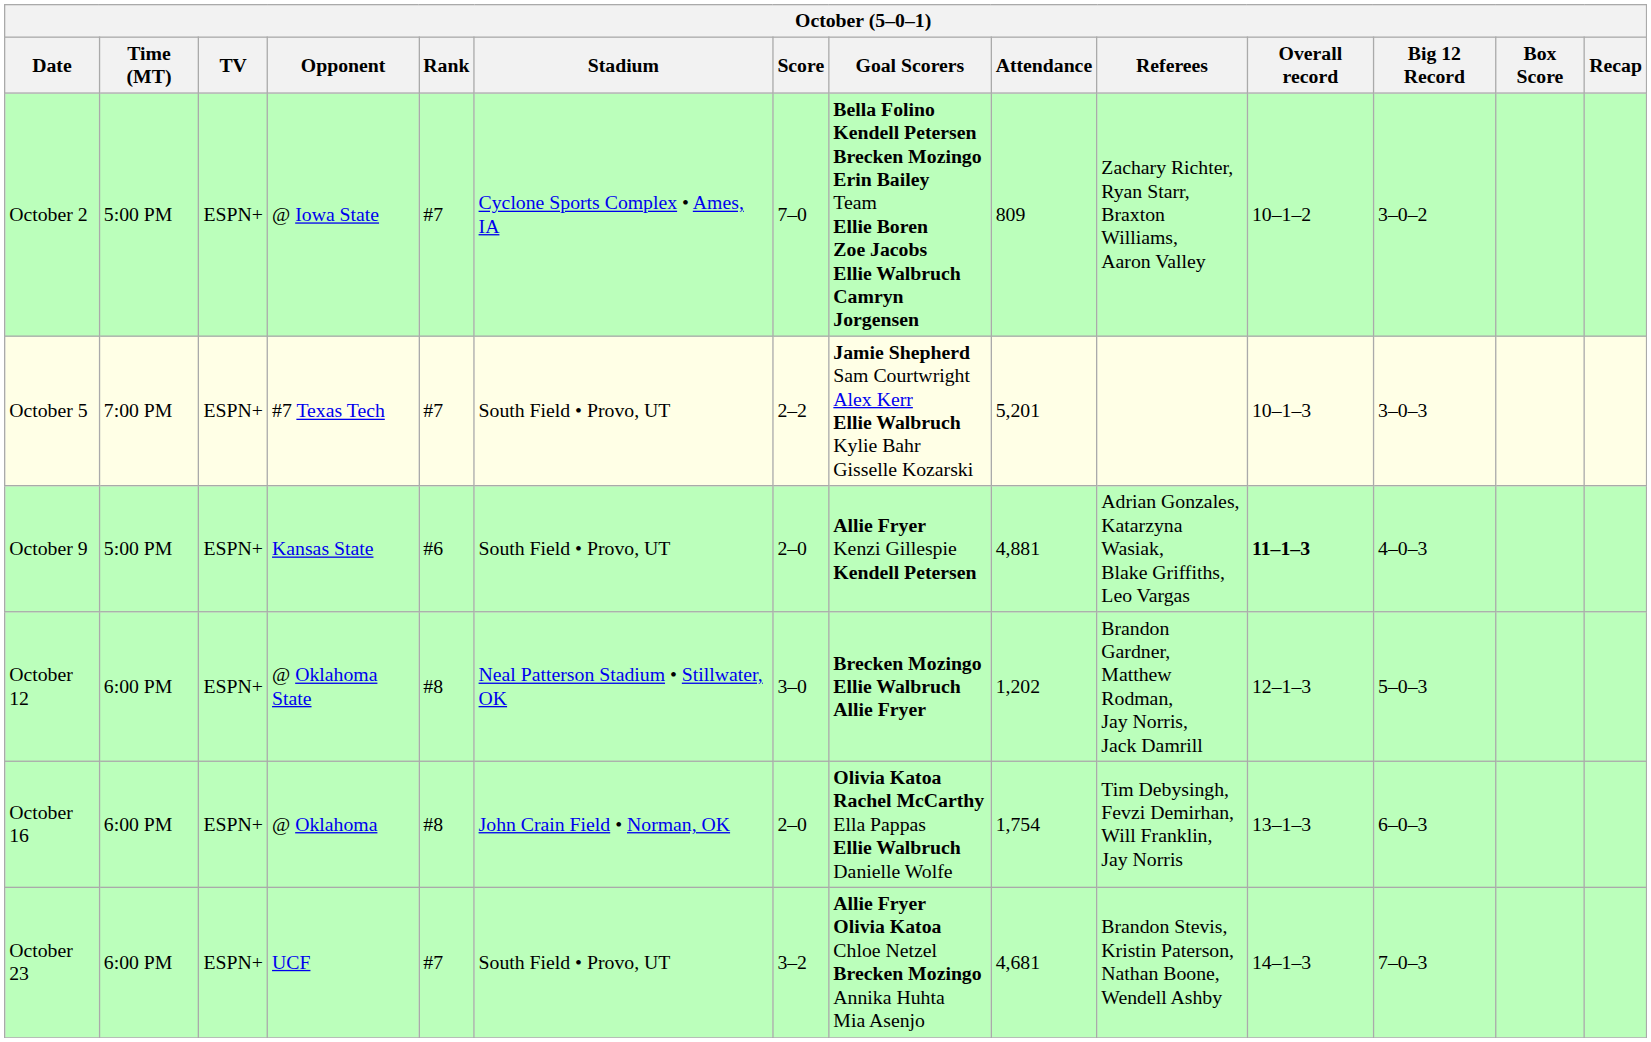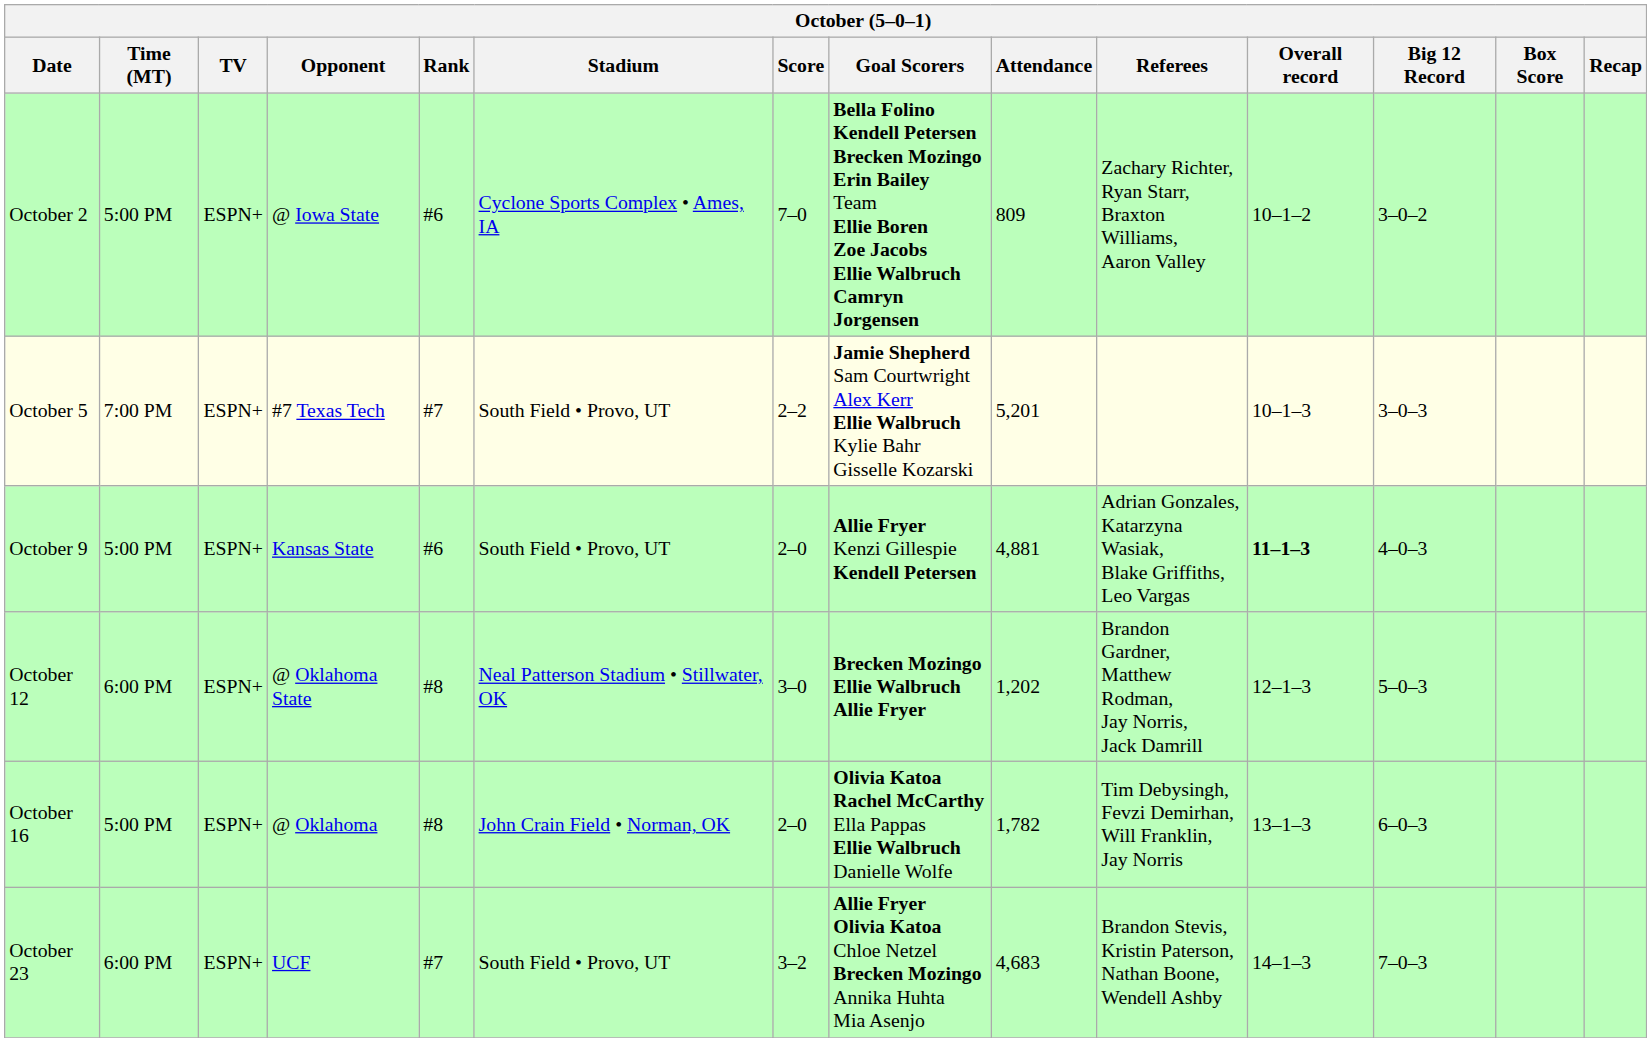 <table class="wikitable collapsible collapsed" style="margin:auto; font-size:95%; width:100%">
 <tr>
 <th colspan=14 style="padding-left:4em;">October (5–0–1)</th>
 </tr>
 <tr>
 <th>Date</th>
 <th>Time (MT)</th>
 <th>TV</th>
 <th>Opponent</th>
 <th>Rank</th>
 <th>Stadium</th>
 <th>Score</th>
 <th>Goal Scorers</th>
 <th>Attendance</th>
 <th>Referees</th>
 <th>Overall record</th>
 <th>Big 12 Record</th>
 <th>Box Score</th>
 <th>Recap</th>
 </tr>
 <tr bgcolor=bbffbb>
 <td>October 2</td>
 <td>5:00 PM</td>
 <td>ESPN+</td>
 <td>@ <a href='#'>Iowa State</a></td>
-<td>#7</td>
+<td>#6</td>
 <td><a href='#'>Cyclone Sports Complex</a> • <a href='#'>Ames, IA</a></td>
 <td>7–0</td>
 <td><strong>Bella Folino</strong>  <br> <strong>Kendell Petersen</strong>  <br> <strong>Brecken Mozingo</strong>  <br> <strong>Erin Bailey</strong>  <br>  Team <br> <strong>Ellie Boren</strong>  <br> <strong>Zoe Jacobs</strong>  <br> <strong>Ellie Walbruch</strong>  <br> <strong>Camryn Jorgensen</strong> </td>
 <td>809</td>
 <td>Zachary Richter, <br> Ryan Starr, <br> Braxton Williams, <br> Aaron Valley</td>
 <td>10–1–2</td>
 <td>3–0–2</td>
 <td></td>
 <td></td>
 </tr>
 <tr bgcolor=ffffe6>
 <td>October 5</td>
 <td>7:00 PM</td>
 <td>ESPN+</td>
 <td>#7 <a href='#'>Texas Tech</a></td>
 <td>#7</td>
 <td>South Field • Provo, UT</td>
 <td>2–2</td>
 <td><strong>Jamie Shepherd</strong>  <br>  Sam Courtwright <br>  <a href='#'>Alex Kerr</a> <br> <strong>Ellie Walbruch</strong>  <br>  Kylie Bahr <br>  Gisselle Kozarski</td>
 <td>5,201</td>
 <td></td>
 <td>10–1–3</td>
 <td>3–0–3</td>
 <td></td>
 <td></td>
 </tr>
 <tr bgcolor=bbffbb>
 <td>October 9</td>
 <td>5:00 PM</td>
 <td>ESPN+</td>
 <td><a href='#'>Kansas State</a></td>
 <td>#6</td>
 <td>South Field • Provo, UT</td>
 <td>2–0</td>
 <td><strong>Allie Fryer</strong>  <br>  Kenzi Gillespie <br> <strong>Kendell Petersen</strong> </td>
 <td>4,881</td>
 <td>Adrian Gonzales, <br> Katarzyna Wasiak, <br> Blake Griffiths, <br> Leo Vargas</td>
 <td><strong>11–1–3</strong></td>
 <td>4–0–3</td>
 <td></td>
 <td></td>
 </tr>
 <tr bgcolor=bbffbb>
 <td>October 12</td>
 <td>6:00 PM</td>
 <td>ESPN+</td>
 <td>@ <a href='#'>Oklahoma State</a></td>
 <td>#8</td>
 <td><a href='#'>Neal Patterson Stadium</a> • <a href='#'>Stillwater, OK</a></td>
 <td>3–0</td>
 <td><strong>Brecken Mozingo</strong>  <br> <strong>Ellie Walbruch</strong>  <br> <strong>Allie Fryer</strong> </td>
 <td>1,202</td>
 <td>Brandon Gardner, <br> Matthew Rodman, <br> Jay Norris, <br> Jack Damrill</td>
 <td>12–1–3</td>
 <td>5–0–3</td>
 <td></td>
 <td></td>
 </tr>
 <tr bgcolor=bbffbb>
 <td>October 16</td>
-<td>6:00 PM</td>
+<td>5:00 PM</td>
 <td>ESPN+</td>
 <td>@ <a href='#'>Oklahoma</a></td>
 <td>#8</td>
 <td><a href='#'>John Crain Field</a> • <a href='#'>Norman, OK</a></td>
 <td>2–0</td>
 <td><strong>Olivia Katoa</strong>  <br> <strong>Rachel McCarthy</strong>  <br>  Ella Pappas <br> <strong>Ellie Walbruch</strong>  <br>  Danielle Wolfe</td>
-<td>1,754</td>
+<td>1,782</td>
 <td>Tim Debysingh, <br> Fevzi Demirhan, <br> Will Franklin, <br> Jay Norris</td>
 <td>13–1–3</td>
 <td>6–0–3</td>
 <td></td>
 <td></td>
 </tr>
 <tr bgcolor=bbffbb>
 <td>October 23</td>
 <td>6:00 PM</td>
 <td>ESPN+</td>
 <td><a href='#'>UCF</a></td>
 <td>#7</td>
 <td>South Field • Provo, UT</td>
 <td>3–2</td>
 <td><strong>Allie Fryer</strong>  <br> <strong>Olivia Katoa</strong>  <br>  Chloe Netzel <br> <strong>Brecken Mozingo</strong>  <br>  Annika Huhta <br>  Mia Asenjo</td>
-<td>4,681</td>
+<td>4,683</td>
 <td>Brandon Stevis, <br> Kristin Paterson, <br> Nathan Boone, <br> Wendell Ashby</td>
 <td>14–1–3</td>
 <td>7–0–3</td>
 <td></td>
 <td></td>
 </tr>
 <tr>
 </tr>
 </table>
